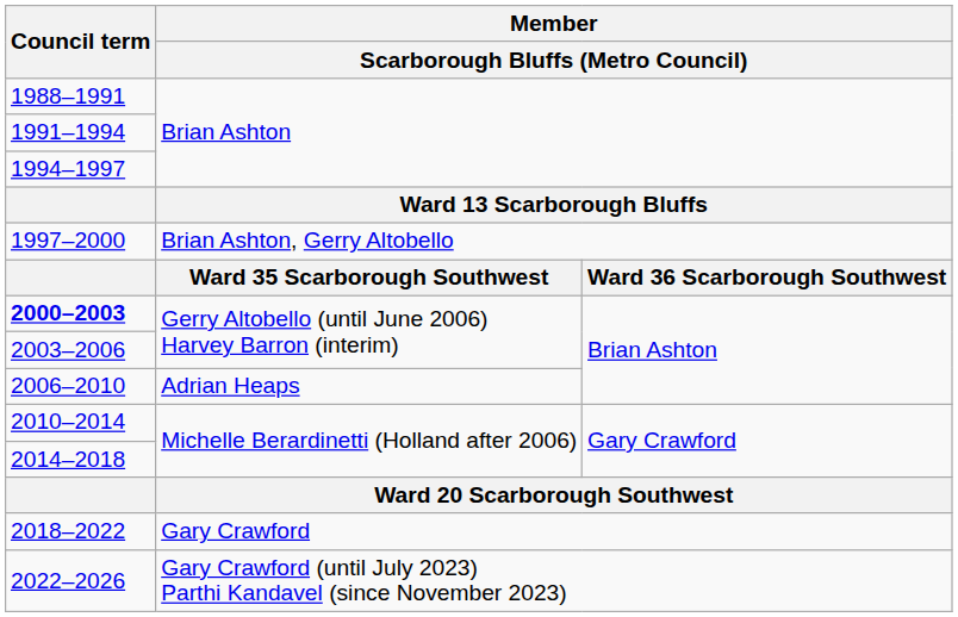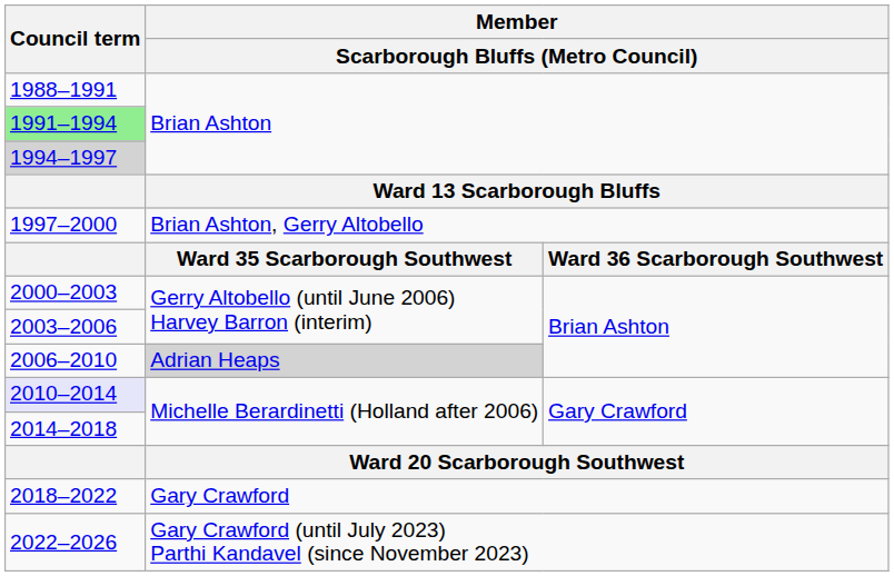 <table class="wikitable">
 <tr>
 <th rowspan="2">Council term</th>
 <th colspan="2">Member</th>
 </tr>
 <tr>
 <th colspan="2">Scarborough Bluffs (Metro Council)</th>
 </tr>
 <tr>
 <td><a href='#'>1988–1991</a></td>
 <td colspan="2" rowspan="3"><a href='#'>Brian Ashton</a></td>
 </tr>
 <tr>
-<td><a href='#'>1991–1994</a></td>
+<td style="background: lightgreen;"><a href='#'>1991–1994</a></td>
 </tr>
 <tr>
-<td><a href='#'>1994–1997</a></td>
+<td style="background: lightgrey;"><a href='#'>1994–1997</a></td>
 </tr>
 <tr>
 <th></th>
 <th colspan="2">Ward 13 Scarborough Bluffs</th>
 </tr>
 <tr>
 <td><a href='#'>1997–2000</a></td>
 <td colspan="2"><a href='#'>Brian Ashton</a>, <a href='#'>Gerry Altobello</a></td>
 </tr>
 <tr>
 <th></th>
 <th>Ward 35 Scarborough Southwest</th>
 <th>Ward 36 Scarborough Southwest</th>
 </tr>
 <tr>
-<td><strong><a href='#'>2000–2003</a></strong></td>
+<td><a href='#'>2000–2003</a></td>
 <td rowspan="2"><a href='#'>Gerry Altobello</a> (until June 2006) <br> <a href='#'>Harvey Barron</a> (interim)</td>
 <td rowspan="3"><a href='#'>Brian Ashton</a></td>
 </tr>
 <tr>
 <td><a href='#'>2003–2006</a></td>
 </tr>
 <tr>
 <td><a href='#'>2006–2010</a></td>
-<td><a href='#'>Adrian Heaps</a></td>
+<td style="background: lightgrey;"><a href='#'>Adrian Heaps</a></td>
 </tr>
 <tr>
-<td><a href='#'>2010–2014</a></td>
+<td style="background: lavender;"><a href='#'>2010–2014</a></td>
 <td rowspan="2"><a href='#'>Michelle Berardinetti</a> (Holland after 2006)</td>
 <td rowspan="2"><a href='#'>Gary Crawford</a></td>
 </tr>
 <tr>
 <td><a href='#'>2014–2018</a></td>
 </tr>
 <tr>
 <th></th>
 <th colspan="2">Ward 20 Scarborough Southwest</th>
 </tr>
 <tr>
 <td><a href='#'>2018–2022</a></td>
 <td rowspan="2" colspan="2"><a href='#'>Gary Crawford</a></td>
 </tr>
 <tr>
 <td rowspan="2"><a href='#'>2022–2026</a></td>
 </tr>
 <tr>
 <td colspan="2"><a href='#'>Gary Crawford</a> (until July 2023)<br><a href='#'>Parthi Kandavel</a> (since November 2023)</td>
 </tr>
 </table>
